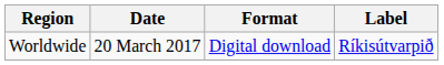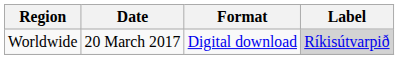 <table class=wikitable>
 <tr>
 <th>Region</th>
 <th>Date</th>
 <th>Format</th>
 <th>Label</th>
 </tr>
 <tr>
 <td>Worldwide</td>
 <td>20 March 2017</td>
 <td><a href='#'>Digital download</a></td>
-<td><a href='#'>Ríkisútvarpið</a></td>
+<td style="background: lightgrey;"><a href='#'>Ríkisútvarpið</a></td>
 </tr>
 <tr>
 </tr>
 </table>
